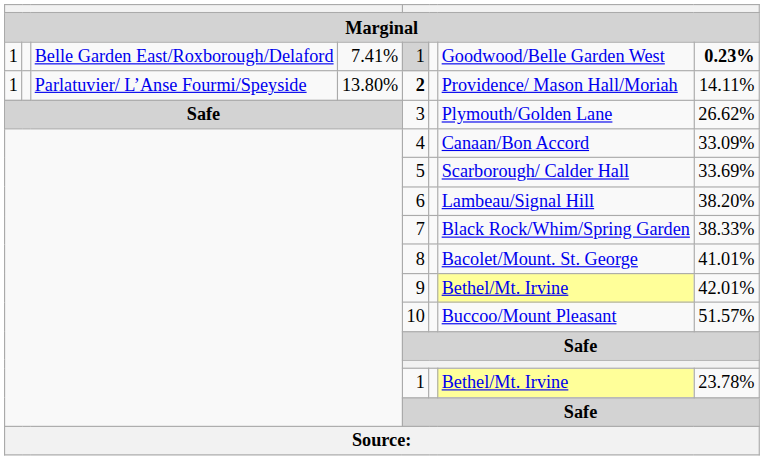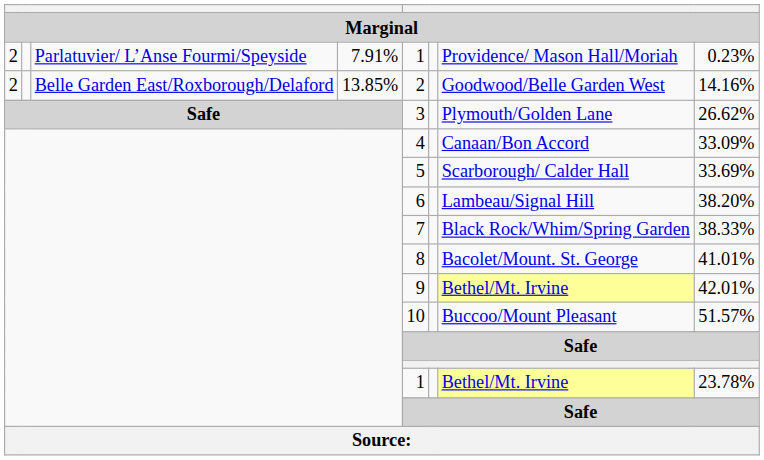 <table class="wikitable sortable mw-collapsible" style="text-align:right;">
 <tr>
 <th colspan="4" style="background:"><a href='#'></a></th>
 <th colspan="4" style="background:"><a href='#'></a></th>
 </tr>
 <tr valign="top">
 <th colspan="8" style="background:lightgrey">Marginal</th>
 </tr>
 <tr valign="top">
+<td>2</td>
+<td style="background:"></td>
+<td style="text-align:left;"><a href='#'>Parlatuvier/ L’Anse Fourmi/Speyside</a></td>
+<td>7.91%</td>
 <td>1</td>
 <td style="background:"></td>
+<td style="text-align:left;"><a href='#'>Providence/ Mason Hall/Moriah</a></td>
+<td>0.23%</td>
+</tr>
+<tr valign="top">
+<td>2</td>
+<td style="background:"></td>
 <td style="text-align:left;"><a href='#'>Belle Garden East/Roxborough/Delaford</a></td>
-<td>7.41%</td>
-<td style="background: lightgrey;">1</td>
+<td>13.85%</td>
+<td>2</td>
 <td style="background:"></td>
 <td style="text-align:left;"><a href='#'>Goodwood/Belle Garden West</a></td>
-<td><strong>0.23%</strong></td>
-</tr>
-<tr valign="top">
-<td>1</td>
-<td style="background:"></td>
-<td style="text-align:left;"><a href='#'>Parlatuvier/ L’Anse Fourmi/Speyside</a></td>
-<td>13.80%</td>
-<td><strong>2</strong></td>
-<td style="background:"></td>
-<td style="text-align:left;"><a href='#'>Providence/ Mason Hall/Moriah</a></td>
-<td>14.11%</td>
+<td>14.16%</td>
 </tr>
 <tr valign="top">
 <td colspan="4" rowspan="1" style="background:lightgrey; text-align: center"><strong>Safe</strong></td>
 <td>3</td>
 <td style="background:"></td>
 <td style="text-align:left;"><a href='#'>Plymouth/Golden Lane</a></td>
 <td>26.62%</td>
 </tr>
 <tr valign="top">
 <td colspan="4" rowspan="11"></td>
 <td>4</td>
 <td style="background:"></td>
 <td style="text-align:left;"><a href='#'>Canaan/Bon Accord</a></td>
 <td>33.09%</td>
 </tr>
 <tr valign="top">
 <td>5</td>
 <td style="background:"></td>
 <td style="text-align:left;"><a href='#'>Scarborough/ Calder Hall</a></td>
 <td>33.69%</td>
 </tr>
 <tr valign="top">
 <td>6</td>
 <td style="background:"></td>
 <td style="text-align:left;"><a href='#'>Lambeau/Signal Hill</a></td>
 <td>38.20%</td>
 </tr>
 <tr valign="top">
 <td>7</td>
 <td style="background:"></td>
 <td style="text-align:left;"><a href='#'>Black Rock/Whim/Spring Garden</a></td>
 <td>38.33%</td>
 </tr>
 <tr valign="top">
 <td>8</td>
 <td style="background:"></td>
 <td style="text-align:left;"><a href='#'>Bacolet/Mount. St. George</a></td>
 <td>41.01%</td>
 </tr>
 <tr valign="top">
 <td>9</td>
 <td style="background:"></td>
 <td style="text-align:left; background:#ffff99"><a href='#'>Bethel/Mt. Irvine</a></td>
 <td>42.01%</td>
 </tr>
 <tr valign="top">
 <td>10</td>
 <td style="background:"></td>
 <td style="text-align:left;"><a href='#'>Buccoo/Mount Pleasant</a></td>
 <td>51.57%</td>
 </tr>
 <tr>
 <td colspan="4" style="background:lightgrey;text-align: center"><strong>Safe</strong></td>
 </tr>
 <tr>
 <th colspan="4" style="background:"><a href='#'></a></th>
 </tr>
 <tr>
 <td>1</td>
 <td style="background:"></td>
 <td style="text-align:left; background:#ffff99"><a href='#'>Bethel/Mt. Irvine</a></td>
 <td>23.78%</td>
 </tr>
 <tr valign="top">
 <td colspan="4" style="background:lightgrey;text-align: center"><strong>Safe</strong></td>
 </tr>
 <tr valign="top">
 <th colspan="8">Source: </th>
 </tr>
 </table>
